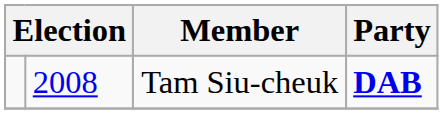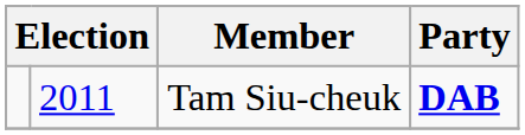 <table class="wikitable">
 <tr>
 <th colspan="2">Election</th>
 <th>Member</th>
 <th>Party</th>
 </tr>
 <tr>
 <td style="background-color:"></td>
-<td><a href='#'>2008</a></td>
+<td><a href='#'>2011</a></td>
 <td>Tam Siu-cheuk</td>
 <td><strong><a href='#'>DAB</a></strong></td>
 </tr>
 <tr>
 </tr>
 </table>
